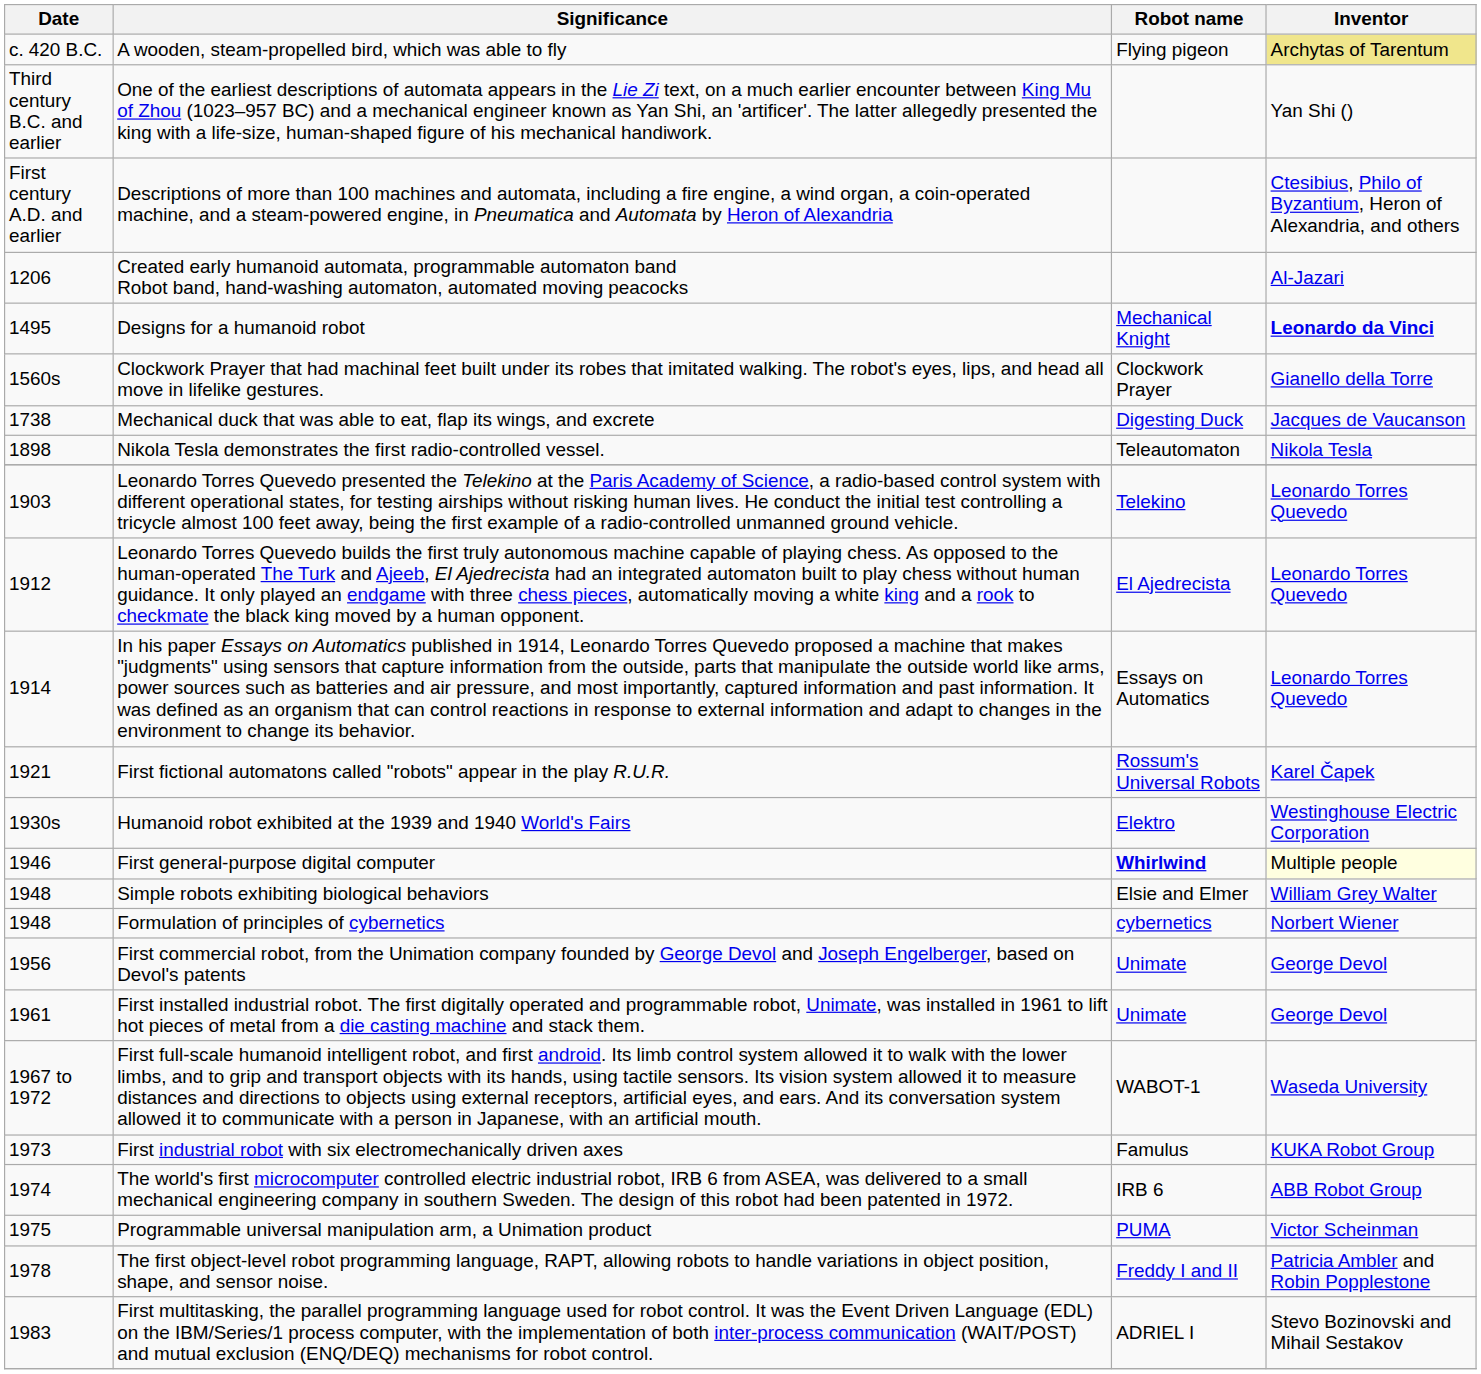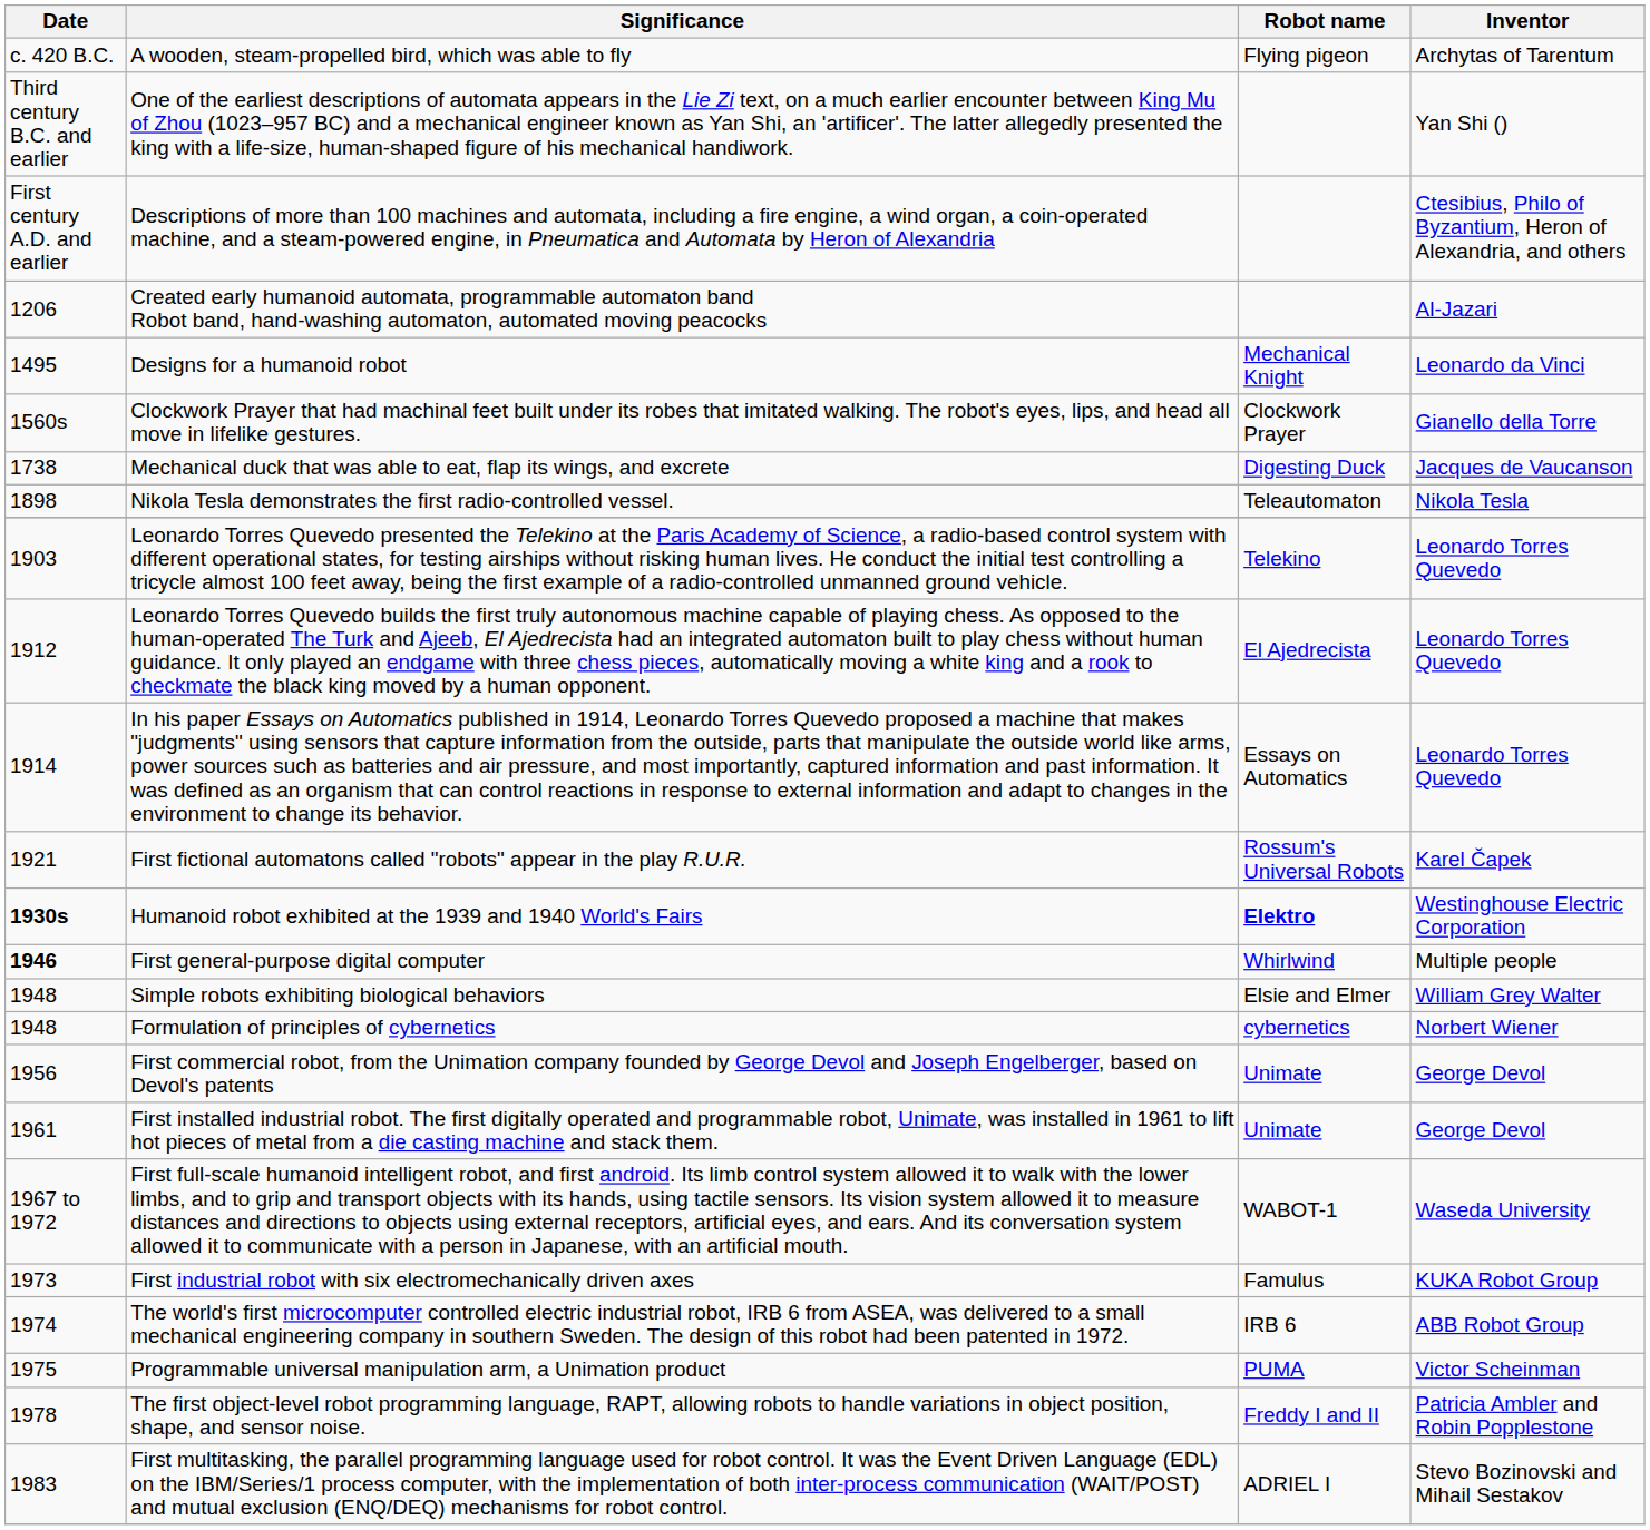 <table class="wikitable">
 <tr>
 <th>Date</th>
 <th>Significance</th>
 <th>Robot name</th>
 <th>Inventor</th>
 </tr>
 <tr>
 <td>c. 420 B.C.</td>
 <td>A wooden, steam-propelled bird, which was able to fly</td>
 <td>Flying pigeon</td>
-<td style="background: khaki;">Archytas of Tarentum</td>
+<td>Archytas of Tarentum</td>
 </tr>
 <tr>
 <td>Third century B.C. and earlier</td>
 <td>One of the earliest descriptions of automata appears in the <em><a href='#'>Lie Zi</a></em> text, on a much earlier encounter between <a href='#'>King Mu of Zhou</a> (1023–957 BC) and a mechanical engineer known as Yan Shi, an 'artificer'. The latter allegedly presented the king with a life-size, human-shaped figure of his mechanical handiwork.</td>
 <td></td>
 <td>Yan Shi ()</td>
 </tr>
 <tr |>
 <td>First century A.D. and earlier</td>
 <td>Descriptions of more than 100 machines and automata, including a fire engine, a wind organ, a coin-operated machine, and a steam-powered engine, in <em>Pneumatica</em> and <em>Automata</em> by <a href='#'>Heron of Alexandria</a></td>
 <td></td>
 <td><a href='#'>Ctesibius</a>, <a href='#'>Philo of Byzantium</a>, Heron of Alexandria, and others</td>
 </tr>
 <tr>
 <td>1206</td>
 <td>Created early humanoid automata, programmable automaton band<br>Robot band, hand-washing automaton, automated moving peacocks</td>
 <td></td>
 <td><a href='#'>Al-Jazari</a></td>
 </tr>
 <tr>
 <td>1495</td>
 <td>Designs for a humanoid robot</td>
 <td><a href='#'>Mechanical Knight</a></td>
-<td><strong><a href='#'>Leonardo da Vinci</a></strong></td>
+<td><a href='#'>Leonardo da Vinci</a></td>
 </tr>
 <tr>
 <td>1560s</td>
 <td>Clockwork Prayer that had machinal feet built under its robes that imitated walking. The robot's eyes, lips, and head all move in lifelike gestures.</td>
 <td>Clockwork Prayer<br></td>
 <td><a href='#'>Gianello della Torre</a></td>
 </tr>
 <tr>
 <td>1738</td>
 <td>Mechanical duck that was able to eat, flap its wings, and excrete</td>
 <td><a href='#'>Digesting Duck</a></td>
 <td><a href='#'>Jacques de Vaucanson</a></td>
 </tr>
 <tr>
 <td>1898</td>
 <td>Nikola Tesla demonstrates the first radio-controlled vessel.</td>
 <td>Teleautomaton</td>
 <td><a href='#'>Nikola Tesla</a></td>
 </tr>
 <tr>
 </tr>
 <tr>
 <td>1903</td>
 <td>Leonardo Torres Quevedo presented the <em>Telekino</em> at the <a href='#'>Paris Academy of Science</a>, a radio-based control system with different operational states, for testing airships without risking human lives. He conduct the initial test controlling a tricycle almost 100 feet away, being the first example of a radio-controlled unmanned ground vehicle.</td>
 <td><a href='#'>Telekino</a></td>
 <td><a href='#'>Leonardo Torres Quevedo</a></td>
 </tr>
 <tr>
 <td>1912</td>
 <td>Leonardo Torres Quevedo builds the first truly autonomous machine capable of playing chess. As opposed to the human-operated <a href='#'>The Turk</a> and <a href='#'>Ajeeb</a>, <em>El Ajedrecista</em> had an integrated automaton built to play chess without human guidance. It only played an <a href='#'>endgame</a> with three <a href='#'>chess pieces</a>, automatically moving a white <a href='#'>king</a> and a <a href='#'>rook</a> to <a href='#'>checkmate</a> the black king moved by a human opponent.</td>
 <td><a href='#'>El Ajedrecista</a></td>
 <td><a href='#'>Leonardo Torres Quevedo</a></td>
 </tr>
 <tr>
 <td>1914</td>
 <td>In his paper <em>Essays on Automatics</em> published in 1914, Leonardo Torres Quevedo proposed a machine that makes "judgments" using sensors that capture information from the outside, parts that manipulate the outside world like arms, power sources such as batteries and air pressure, and most importantly, captured information and past information. It was defined as an organism that can control reactions in response to external information and adapt to changes in the environment to change its behavior.</td>
 <td>Essays on Automatics</td>
 <td><a href='#'>Leonardo Torres Quevedo</a></td>
 </tr>
 <tr>
 <td>1921</td>
 <td>First fictional automatons called "robots" appear in the play <em>R.U.R.</em></td>
 <td><a href='#'>Rossum's Universal Robots</a></td>
 <td><a href='#'>Karel Čapek</a></td>
 </tr>
 <tr>
-<td>1930s</td>
+<td><strong>1930s</strong></td>
 <td>Humanoid robot exhibited at the 1939 and 1940 <a href='#'>World's Fairs</a></td>
-<td><a href='#'>Elektro</a></td>
+<td><strong><a href='#'>Elektro</a></strong></td>
 <td><a href='#'>Westinghouse Electric Corporation</a></td>
 </tr>
 <tr>
-<td>1946</td>
+<td><strong>1946</strong></td>
 <td>First general-purpose digital computer</td>
-<td><strong><a href='#'>Whirlwind</a></strong></td>
-<td style="background: lightyellow;">Multiple people</td>
+<td><a href='#'>Whirlwind</a></td>
+<td>Multiple people</td>
 </tr>
 <tr>
 <td>1948</td>
 <td>Simple robots exhibiting biological behaviors</td>
 <td>Elsie and Elmer</td>
 <td><a href='#'>William Grey Walter</a></td>
 </tr>
 <tr>
 <td>1948</td>
 <td>Formulation of principles of <a href='#'>cybernetics</a></td>
 <td><a href='#'>cybernetics</a></td>
 <td><a href='#'>Norbert Wiener</a></td>
 </tr>
 <tr>
 <td>1956</td>
 <td>First commercial robot, from the Unimation company founded by <a href='#'>George Devol</a> and <a href='#'>Joseph Engelberger</a>, based on Devol's patents</td>
 <td><a href='#'>Unimate</a></td>
 <td><a href='#'>George Devol</a></td>
 </tr>
 <tr>
 <td>1961</td>
 <td>First installed industrial robot.  The first digitally operated and programmable robot, <a href='#'>Unimate</a>, was installed in 1961 to lift hot pieces of metal from a <a href='#'>die casting machine</a> and stack them.</td>
 <td><a href='#'>Unimate</a></td>
 <td><a href='#'>George Devol</a></td>
 </tr>
 <tr>
 <td>1967 to 1972</td>
 <td>First full-scale humanoid intelligent robot, and first <a href='#'>android</a>. Its limb control system allowed it to walk with the lower limbs, and to grip and transport objects with its hands, using tactile sensors. Its vision system allowed it to measure distances and directions to objects using external receptors, artificial eyes, and ears. And its conversation system allowed it to communicate with a person in Japanese, with an artificial mouth.</td>
 <td>WABOT-1</td>
 <td><a href='#'>Waseda University</a></td>
 </tr>
 <tr>
 <td>1973</td>
 <td>First <a href='#'>industrial robot</a> with six electromechanically driven axes</td>
 <td>Famulus</td>
 <td><a href='#'>KUKA Robot Group</a></td>
 </tr>
 <tr>
 <td>1974</td>
 <td>The world's first <a href='#'>microcomputer</a> controlled electric industrial robot, IRB 6 from ASEA, was delivered to a small mechanical engineering company in southern Sweden. The design of this robot had been patented in 1972.</td>
 <td>IRB 6</td>
 <td><a href='#'>ABB Robot Group</a></td>
 </tr>
 <tr>
 <td>1975</td>
 <td>Programmable universal manipulation arm, a Unimation product</td>
 <td><a href='#'>PUMA</a></td>
 <td><a href='#'>Victor Scheinman</a></td>
 </tr>
 <tr>
 <td>1978</td>
 <td>The first object-level robot programming language, RAPT, allowing robots to handle variations in object position, shape, and sensor noise.</td>
 <td><a href='#'>Freddy I and II</a></td>
 <td><a href='#'>Patricia Ambler</a> and <a href='#'>Robin Popplestone</a></td>
 </tr>
 <tr>
 <td>1983</td>
 <td>First multitasking, the parallel programming language used for robot control. It was the Event Driven Language (EDL) on the IBM/Series/1 process computer, with the implementation of both <a href='#'>inter-process communication</a> (WAIT/POST) and mutual exclusion (ENQ/DEQ) mechanisms for robot control.</td>
 <td>ADRIEL I</td>
 <td>Stevo Bozinovski and Mihail Sestakov</td>
 </tr>
 <tr>
 </tr>
 </table>
